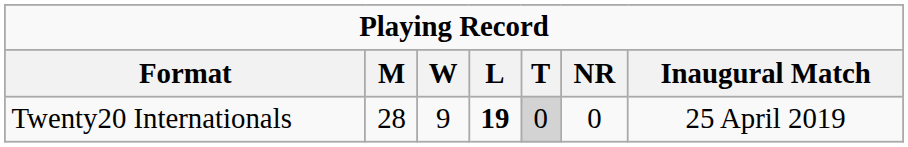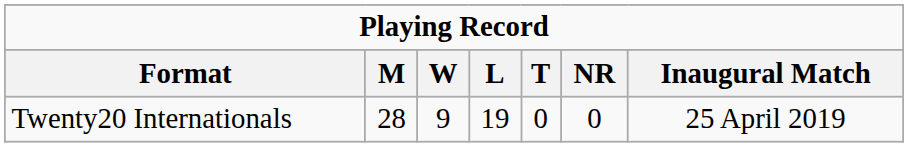 <table class="wikitable" style="text-align: center; width: 500px;">
 <tr>
 <td colspan=7 align="center"><strong>Playing Record</strong></td>
 </tr>
 <tr>
 <th>Format</th>
 <th>M</th>
 <th>W</th>
 <th>L</th>
 <th>T</th>
 <th>NR</th>
 <th>Inaugural Match</th>
 </tr>
 <tr>
 <td align="left">Twenty20 Internationals</td>
 <td>28</td>
 <td>9</td>
-<td><strong>19</strong></td>
-<td style="background: lightgrey;">0</td>
+<td>19</td>
+<td>0</td>
 <td>0</td>
 <td>25 April 2019</td>
 </tr>
 </table>
